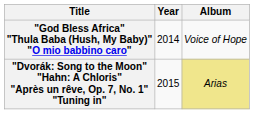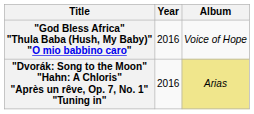 <table class="wikitable plainrowheaders" style="text-align:center;" border="1">
 <tr>
 <th scope="col">Title</th>
 <th scope="col">Year</th>
 <th scope="col">Album</th>
 </tr>
 <tr>
 <th scope="row">"God Bless Africa"<br>"Thula Baba (Hush, My Baby)"<br>"<a href='#'>O mio babbino caro</a>"</th>
-<td>2014</td>
+<td>2016</td>
 <td><em>Voice of Hope</em></td>
 </tr>
 <tr>
 <th scope="row">"Dvorák: Song to the Moon"<br>"Hahn: A Chloris"<br>"Après un rêve, Op. 7, No. 1"<br>"Tuning in"</th>
-<td>2015</td>
+<td>2016</td>
 <td style="background: khaki;"><em>Arias</em></td>
 </tr>
 </table>
